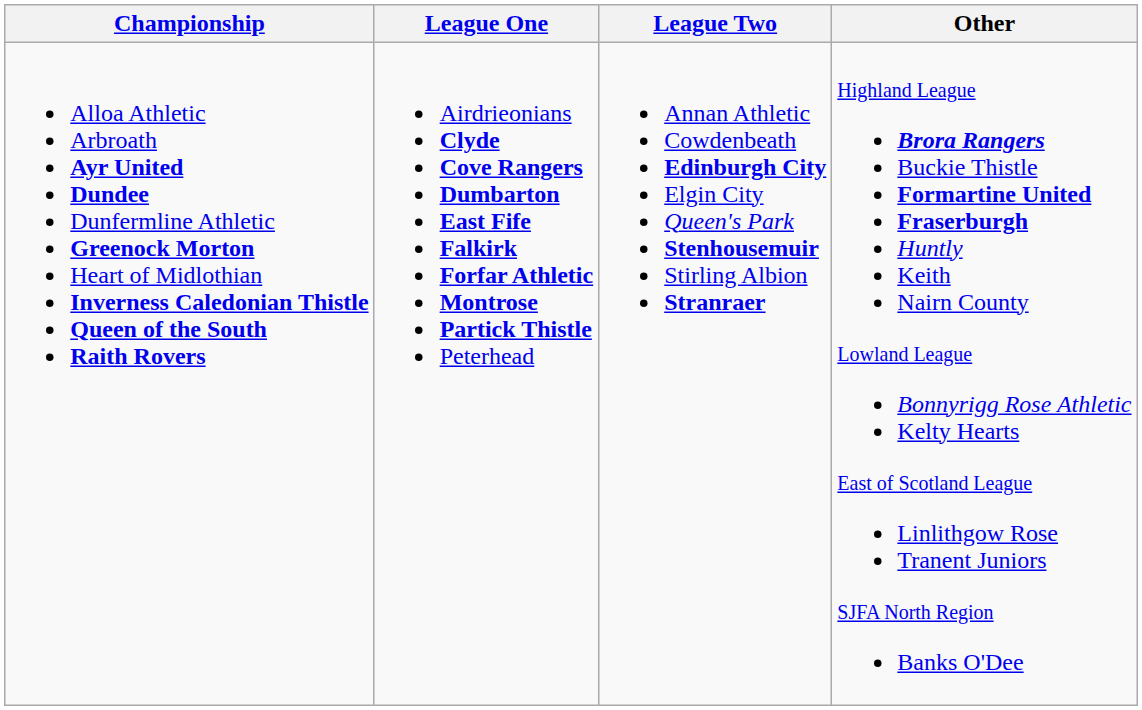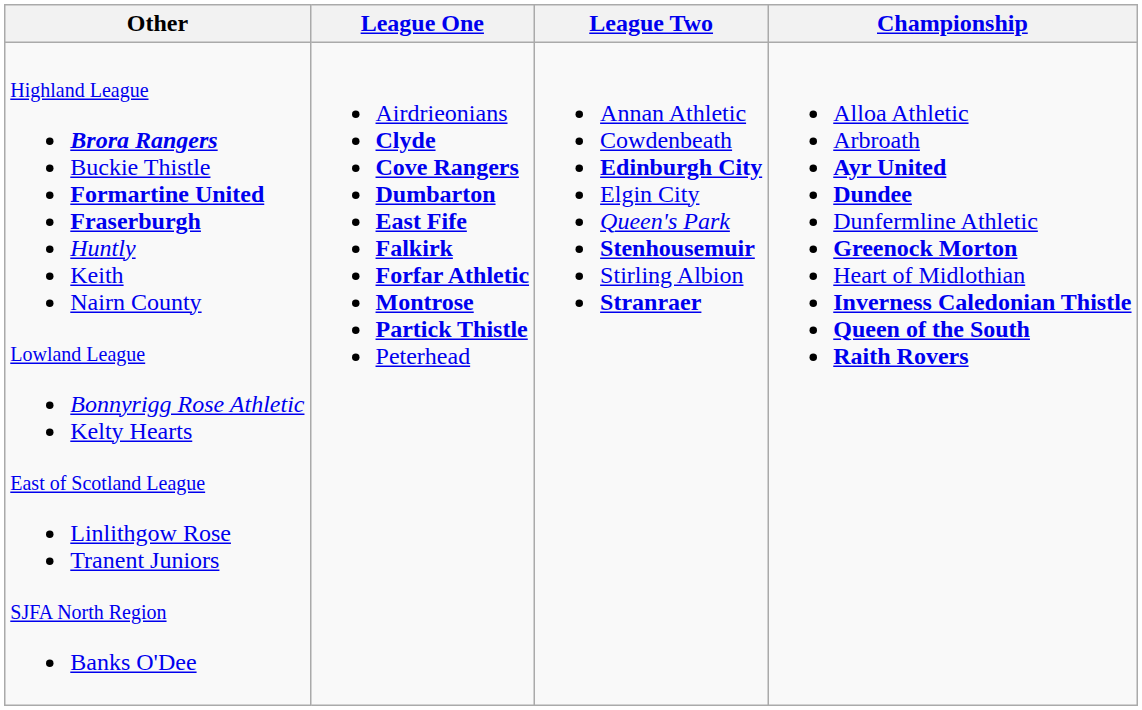 <table class="wikitable" style="text-align:left">
 <tr>
-<th><a href='#'>Championship</a></th>
+<th>Other</th>
 <th><a href='#'>League One</a></th>
 <th><a href='#'>League Two</a></th>
-<th>Other</th>
+<th><a href='#'>Championship</a></th>
 </tr>
 <tr>
-<td valign=top><br><ul><li><a href='#'>Alloa Athletic</a></li><li><a href='#'>Arbroath</a></li><li><strong><a href='#'>Ayr United</a></strong></li><li><strong><a href='#'>Dundee</a></strong></li><li><a href='#'>Dunfermline Athletic</a></li><li><strong><a href='#'>Greenock Morton</a></strong></li><li><a href='#'>Heart of Midlothian</a></li><li><strong><a href='#'>Inverness Caledonian Thistle</a></strong></li><li><strong><a href='#'>Queen of the South</a></strong></li><li><strong><a href='#'>Raith Rovers</a></strong></li></ul></td>
+<td valign=top><br><small><a href='#'>Highland League</a></small><ul><li><strong><em><a href='#'>Brora Rangers</a></em></strong></li><li><a href='#'>Buckie Thistle</a></li><li><strong><a href='#'>Formartine United</a></strong></li><li><strong><a href='#'>Fraserburgh</a></strong></li><li><em><a href='#'>Huntly</a></em></li><li><a href='#'>Keith</a></li><li><a href='#'>Nairn County</a></li></ul><small><a href='#'>Lowland League</a></small><ul><li><em><a href='#'>Bonnyrigg Rose Athletic</a></em></li><li><a href='#'>Kelty Hearts</a></li></ul><small><a href='#'>East of Scotland League</a></small><ul><li><a href='#'>Linlithgow Rose</a></li><li><a href='#'>Tranent Juniors</a></li></ul><small><a href='#'>SJFA North Region</a></small><ul><li><a href='#'>Banks O'Dee</a></li></ul></td>
 <td valign=top><br><ul><li><a href='#'>Airdrieonians</a></li><li><strong><a href='#'>Clyde</a></strong></li><li><strong><a href='#'>Cove Rangers</a></strong></li><li><strong><a href='#'>Dumbarton</a></strong></li><li><strong><a href='#'>East Fife</a></strong></li><li><strong><a href='#'>Falkirk</a></strong></li><li><strong><a href='#'>Forfar Athletic</a></strong></li><li><strong><a href='#'>Montrose</a></strong></li><li><strong><a href='#'>Partick Thistle</a></strong></li><li><a href='#'>Peterhead</a></li></ul></td>
 <td valign=top><br><ul><li><a href='#'>Annan Athletic</a></li><li><a href='#'>Cowdenbeath</a></li><li><strong><a href='#'>Edinburgh City</a></strong></li><li><a href='#'>Elgin City</a></li><li><em><a href='#'>Queen's Park</a></em></li><li><strong><a href='#'>Stenhousemuir</a></strong></li><li><a href='#'>Stirling Albion</a></li><li><strong><a href='#'>Stranraer</a></strong></li></ul></td>
-<td valign=top><br><small><a href='#'>Highland League</a></small><ul><li><strong><em><a href='#'>Brora Rangers</a></em></strong></li><li><a href='#'>Buckie Thistle</a></li><li><strong><a href='#'>Formartine United</a></strong></li><li><strong><a href='#'>Fraserburgh</a></strong></li><li><em><a href='#'>Huntly</a></em></li><li><a href='#'>Keith</a></li><li><a href='#'>Nairn County</a></li></ul><small><a href='#'>Lowland League</a></small><ul><li><em><a href='#'>Bonnyrigg Rose Athletic</a></em></li><li><a href='#'>Kelty Hearts</a></li></ul><small><a href='#'>East of Scotland League</a></small><ul><li><a href='#'>Linlithgow Rose</a></li><li><a href='#'>Tranent Juniors</a></li></ul><small><a href='#'>SJFA North Region</a></small><ul><li><a href='#'>Banks O'Dee</a></li></ul></td>
+<td valign=top><br><ul><li><a href='#'>Alloa Athletic</a></li><li><a href='#'>Arbroath</a></li><li><strong><a href='#'>Ayr United</a></strong></li><li><strong><a href='#'>Dundee</a></strong></li><li><a href='#'>Dunfermline Athletic</a></li><li><strong><a href='#'>Greenock Morton</a></strong></li><li><a href='#'>Heart of Midlothian</a></li><li><strong><a href='#'>Inverness Caledonian Thistle</a></strong></li><li><strong><a href='#'>Queen of the South</a></strong></li><li><strong><a href='#'>Raith Rovers</a></strong></li></ul></td>
 </tr>
 </table>
